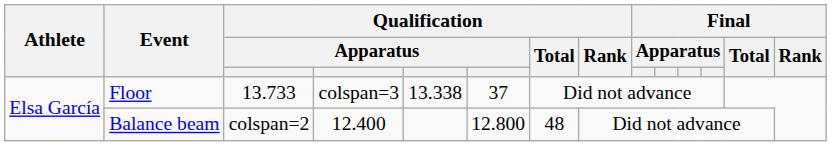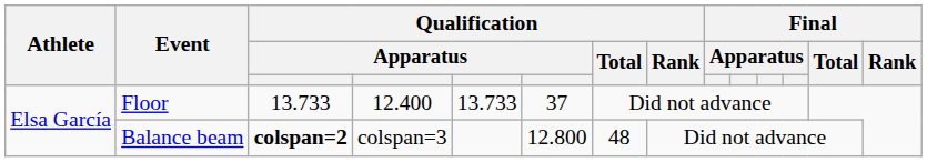 <table class="wikitable" style="font-size:90%">
 <tr>
 <th rowspan=3>Athlete</th>
 <th rowspan=3>Event</th>
 <th colspan =6>Qualification</th>
 <th colspan =6>Final</th>
 </tr>
 <tr style="font-size:95%">
 <th colspan=4>Apparatus</th>
 <th rowspan=2>Total</th>
 <th rowspan=2>Rank</th>
 <th colspan=4>Apparatus</th>
 <th rowspan=2>Total</th>
 <th rowspan=2>Rank</th>
 </tr>
 <tr style="font-size:95%">
 <th></th>
 <th></th>
 <th></th>
 <th></th>
 <th></th>
 <th></th>
 <th></th>
 <th></th>
 </tr>
 <tr align=center>
 <td align=left rowspan=2><a href='#'>Elsa García</a></td>
 <td align=left><a href='#'>Floor</a></td>
 <td>13.733</td>
-<td>colspan=3 </td>
-<td>13.338</td>
+<td>12.400</td>
+<td>13.733</td>
 <td>37</td>
 <td colspan=6>Did not advance</td>
 </tr>
 <tr align=center>
 <td align=left><a href='#'>Balance beam</a></td>
-<td>colspan=2 </td>
-<td>12.400</td>
+<td><strong>colspan=2 </strong></td>
+<td>colspan=3 </td>
 <td></td>
 <td>12.800</td>
 <td>48</td>
 <td colspan=6>Did not advance</td>
 </tr>
 </table>
